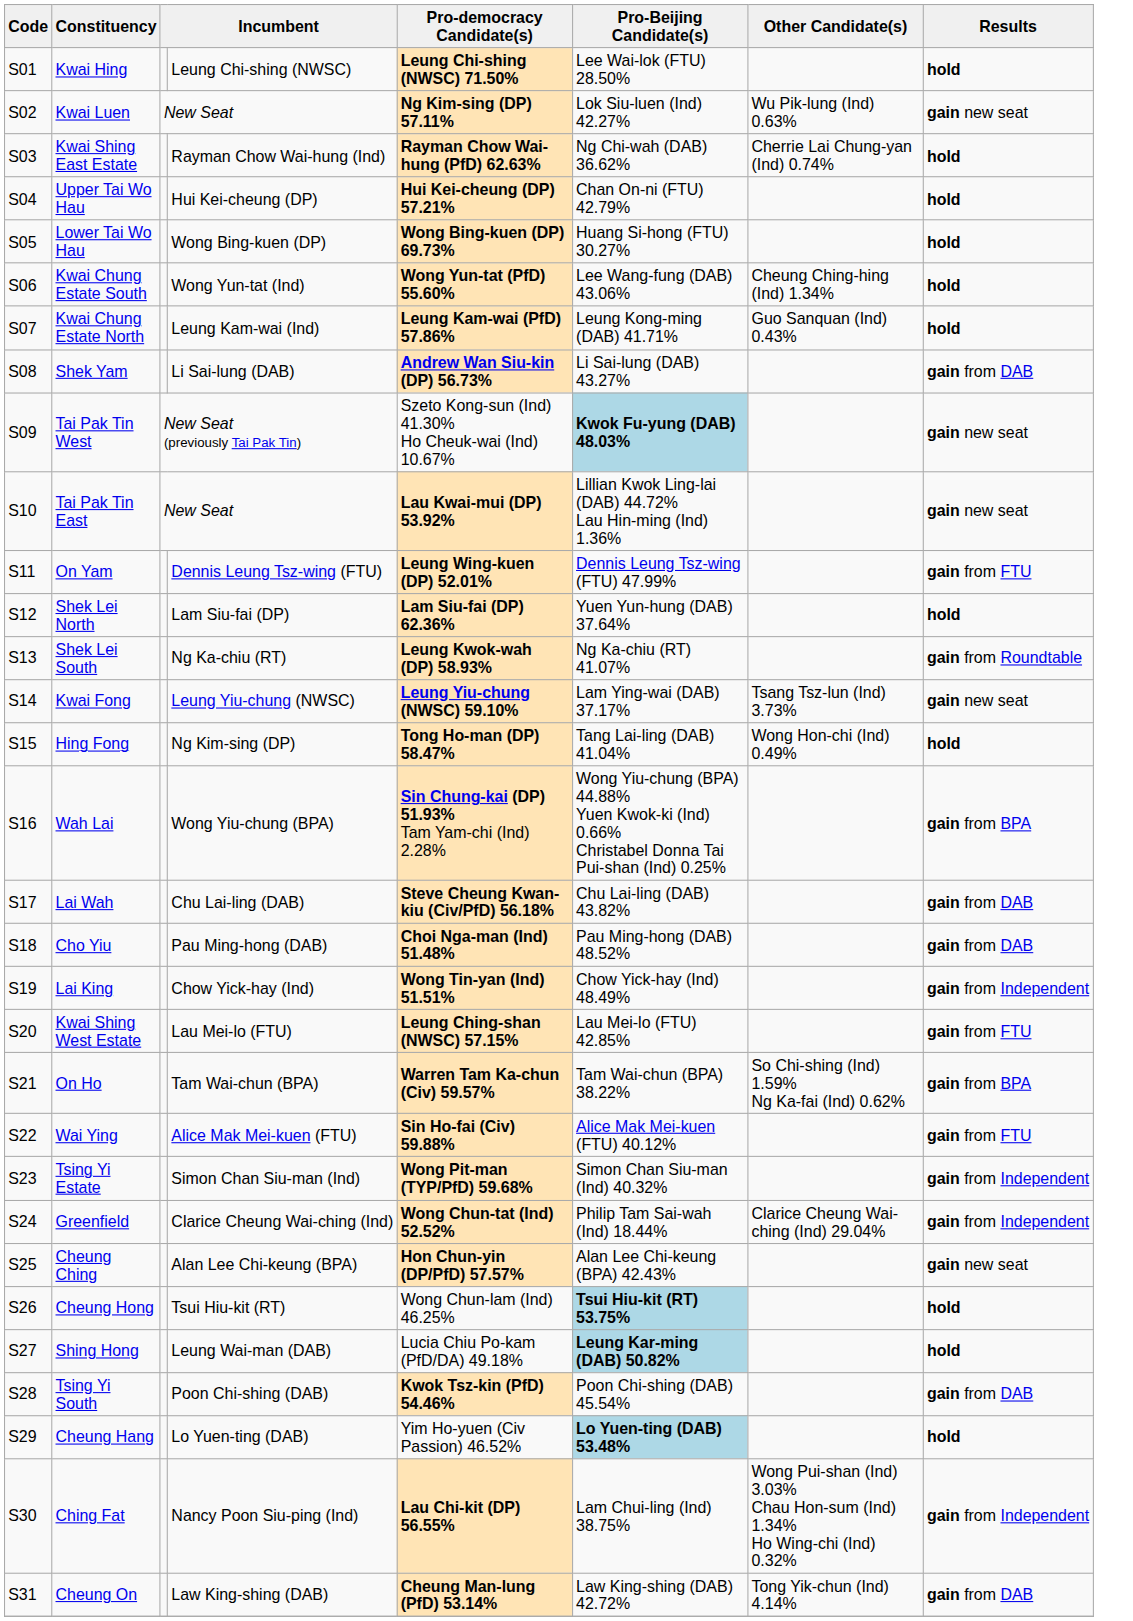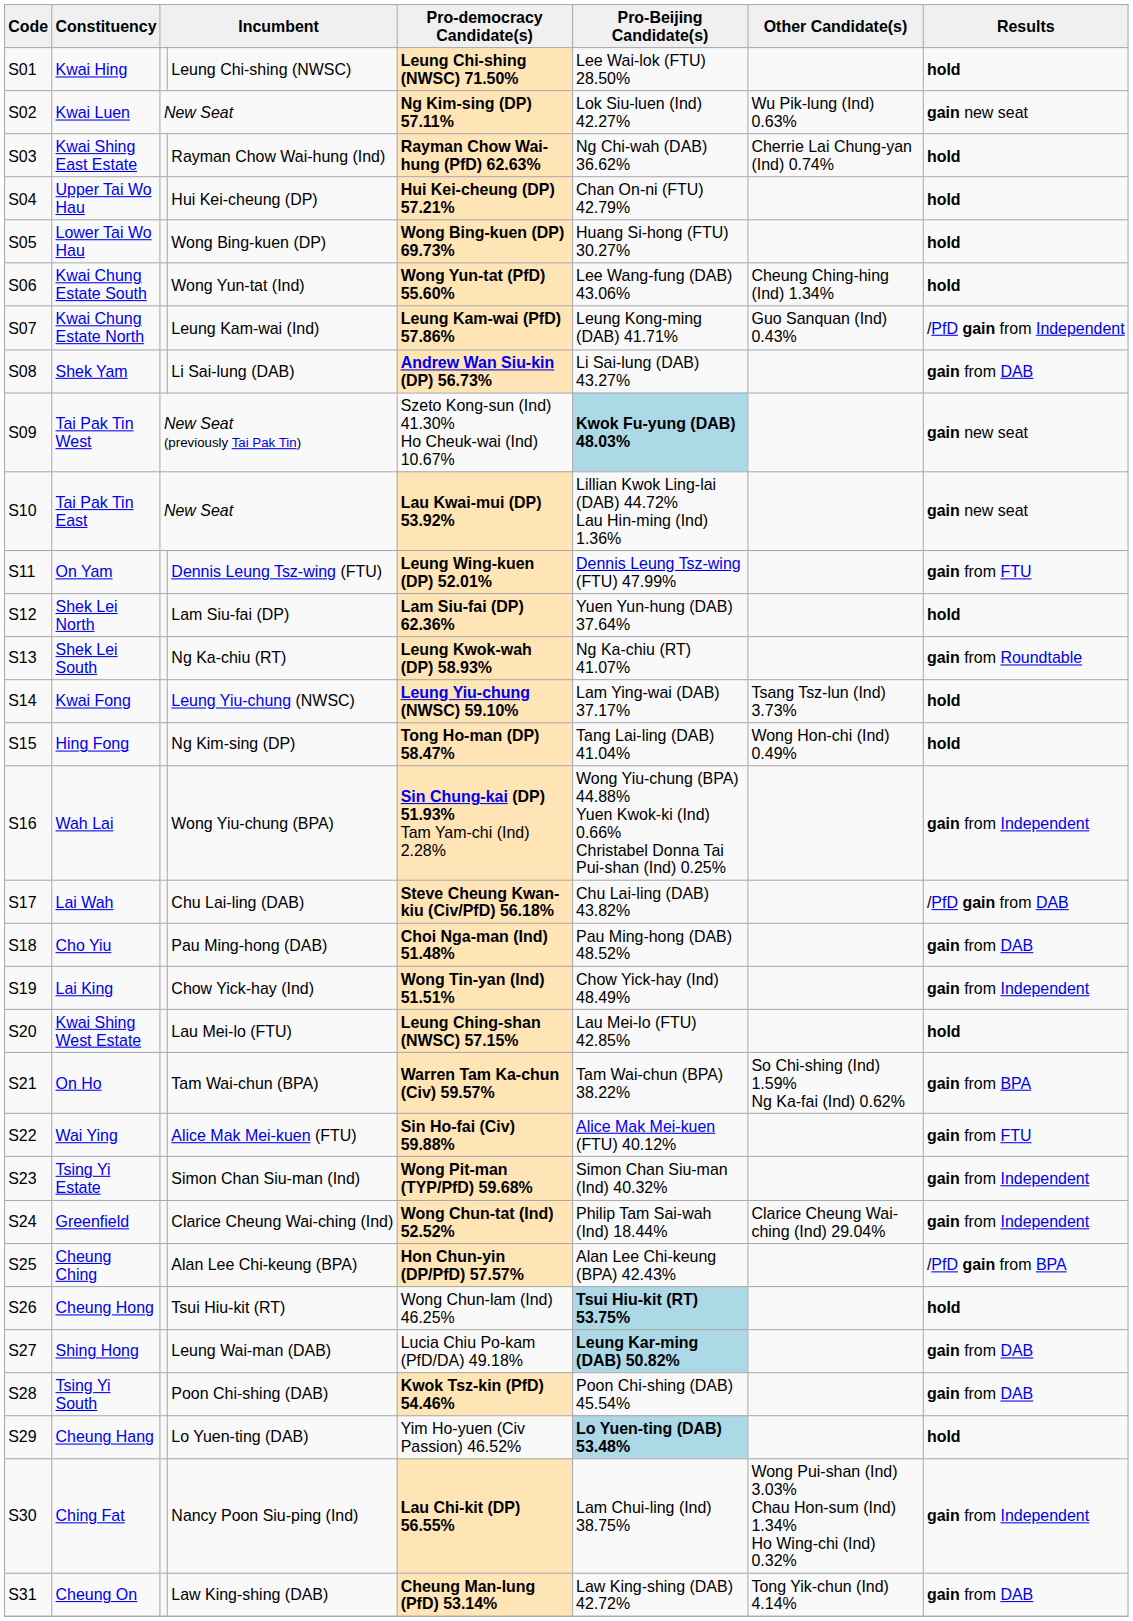 <table class="wikitable sortable" style="font-size: 95%;">
 <tr>
 <th align="center" style="background:#f0f0f0;" width="20px">Code</th>
 <th align="center" style="background:#f0f0f0;" width="90px">Constituency</th>
 <th align="center" style="background:#f0f0f0;" width="120px" colspan=2>Incumbent</th>
 <th align="center" style="background:#f0f0f0;" width="160px">Pro-democracy Candidate(s)</th>
 <th align="center" style="background:#f0f0f0;" width="160px">Pro-Beijing Candidate(s)</th>
 <th align="center" style="background:#f0f0f0;" width="160px">Other Candidate(s)</th>
 <th align="center" style="background:#f0f0f0;" width="100px" colspan="2">Results</th>
 </tr>
 <tr>
 <td>S01</td>
 <td><a href='#'>Kwai Hing</a></td>
 <td></td>
 <td>Leung Chi-shing (NWSC)</td>
 <td style="background-color:Moccasin"><strong>Leung Chi-shing (NWSC) 71.50%</strong></td>
 <td>Lee Wai-lok (FTU) 28.50%</td>
 <td></td>
 <td> <strong>hold</strong></td>
 </tr>
 <tr>
 <td>S02</td>
 <td><a href='#'>Kwai Luen</a></td>
 <td colspan=2><em>New Seat</em></td>
 <td style="background-color:Moccasin"><strong>Ng Kim-sing (DP) 57.11%</strong></td>
 <td>Lok Siu-luen (Ind) 42.27%</td>
 <td>Wu Pik-lung (Ind) 0.63%</td>
 <td> <strong>gain</strong> new seat</td>
 </tr>
 <tr>
 <td>S03</td>
 <td><a href='#'>Kwai Shing East Estate</a></td>
 <td></td>
 <td>Rayman Chow Wai-hung (Ind)</td>
 <td style="background-color:Moccasin"><strong>Rayman Chow Wai-hung (PfD) 62.63%</strong></td>
 <td>Ng Chi-wah (DAB) 36.62%</td>
 <td>Cherrie Lai Chung-yan (Ind) 0.74%</td>
 <td> <strong>hold</strong></td>
 </tr>
 <tr>
 <td>S04</td>
 <td><a href='#'>Upper Tai Wo Hau</a></td>
 <td></td>
 <td>Hui Kei-cheung (DP)</td>
 <td style="background-color:Moccasin"><strong>Hui Kei-cheung (DP) 57.21%</strong></td>
 <td>Chan On-ni (FTU) 42.79%</td>
 <td></td>
 <td> <strong>hold</strong></td>
 </tr>
 <tr>
 <td>S05</td>
 <td><a href='#'>Lower Tai Wo Hau</a></td>
 <td></td>
 <td>Wong Bing-kuen (DP)</td>
 <td style="background-color:Moccasin"><strong>Wong Bing-kuen (DP) 69.73%</strong></td>
 <td>Huang Si-hong (FTU) 30.27%</td>
 <td></td>
 <td> <strong>hold</strong></td>
 </tr>
 <tr>
 <td>S06</td>
 <td><a href='#'>Kwai Chung Estate South</a></td>
 <td></td>
 <td>Wong Yun-tat (Ind)</td>
 <td style="background-color:Moccasin"><strong>Wong Yun-tat (PfD) 55.60%</strong></td>
 <td>Lee Wang-fung (DAB) 43.06%</td>
 <td>Cheung Ching-hing (Ind) 1.34%</td>
 <td> <strong>hold</strong></td>
 </tr>
 <tr>
 <td>S07</td>
 <td><a href='#'>Kwai Chung Estate North</a></td>
 <td></td>
 <td>Leung Kam-wai (Ind)</td>
 <td style="background-color:Moccasin"><strong>Leung Kam-wai (PfD) 57.86%</strong></td>
 <td>Leung Kong-ming (DAB) 41.71%</td>
 <td>Guo Sanquan (Ind) 0.43%</td>
-<td> <strong>hold</strong></td>
+<td>/<a href='#'>PfD</a> <strong>gain</strong> from <a href='#'>Independent</a></td>
 </tr>
 <tr>
 <td>S08</td>
 <td><a href='#'>Shek Yam</a></td>
 <td></td>
 <td>Li Sai-lung (DAB)</td>
 <td style="background-color:Moccasin"><strong><a href='#'>Andrew Wan Siu-kin</a> (DP) 56.73%</strong></td>
 <td>Li Sai-lung (DAB) 43.27%</td>
 <td></td>
 <td> <strong>gain</strong> from <a href='#'>DAB</a></td>
 </tr>
 <tr>
 <td>S09</td>
 <td><a href='#'>Tai Pak Tin West</a></td>
 <td colspan=2><em>New Seat</em><br><small>(previously <a href='#'>Tai Pak Tin</a>)</small></td>
 <td>Szeto Kong-sun (Ind) 41.30%<br>Ho Cheuk-wai (Ind) 10.67%</td>
 <td style="background-color:LightBlue"><strong>Kwok Fu-yung (DAB) 48.03%</strong></td>
 <td></td>
 <td> <strong>gain</strong> new seat</td>
 </tr>
 <tr>
 <td>S10</td>
 <td><a href='#'>Tai Pak Tin East</a></td>
 <td colspan=2><em>New Seat</em></td>
 <td style="background-color:Moccasin"><strong>Lau Kwai-mui (DP) 53.92%</strong></td>
 <td>Lillian Kwok Ling-lai (DAB) 44.72%<br>Lau Hin-ming (Ind) 1.36%</td>
 <td></td>
 <td> <strong>gain</strong> new seat</td>
 </tr>
 <tr>
 <td>S11</td>
 <td><a href='#'>On Yam</a></td>
 <td></td>
 <td><a href='#'>Dennis Leung Tsz-wing</a> (FTU)</td>
 <td style="background-color:Moccasin"><strong>Leung Wing-kuen (DP) 52.01%</strong></td>
 <td><a href='#'>Dennis Leung Tsz-wing</a> (FTU) 47.99%</td>
 <td></td>
 <td> <strong>gain</strong> from <a href='#'>FTU</a></td>
 </tr>
 <tr>
 <td>S12</td>
 <td><a href='#'>Shek Lei North</a></td>
 <td></td>
 <td>Lam Siu-fai (DP)</td>
 <td style="background-color:Moccasin"><strong>Lam Siu-fai (DP) 62.36%</strong></td>
 <td>Yuen Yun-hung (DAB) 37.64%</td>
 <td></td>
 <td> <strong>hold</strong></td>
 </tr>
 <tr>
 <td>S13</td>
 <td><a href='#'>Shek Lei South</a></td>
 <td></td>
 <td>Ng Ka-chiu (RT)</td>
 <td style="background-color:Moccasin"><strong>Leung Kwok-wah (DP) 58.93%</strong></td>
 <td>Ng Ka-chiu (RT) 41.07%</td>
 <td></td>
 <td> <strong>gain</strong> from <a href='#'>Roundtable</a></td>
 </tr>
 <tr>
 <td>S14</td>
 <td><a href='#'>Kwai Fong</a></td>
 <td></td>
 <td><a href='#'>Leung Yiu-chung</a> (NWSC)</td>
 <td style="background-color:Moccasin"><strong><a href='#'>Leung Yiu-chung</a> (NWSC) 59.10%</strong></td>
 <td>Lam Ying-wai (DAB) 37.17%</td>
 <td>Tsang Tsz-lun (Ind) 3.73%</td>
-<td> <strong>gain</strong> new seat</td>
+<td> <strong>hold</strong></td>
 </tr>
 <tr>
 <td>S15</td>
 <td><a href='#'>Hing Fong</a></td>
 <td></td>
 <td>Ng Kim-sing (DP)</td>
 <td style="background-color:Moccasin"><strong>Tong Ho-man (DP) 58.47%</strong></td>
 <td>Tang Lai-ling (DAB) 41.04%</td>
 <td>Wong Hon-chi (Ind) 0.49%</td>
 <td> <strong>hold</strong></td>
 </tr>
 <tr>
 <td>S16</td>
 <td><a href='#'>Wah Lai</a></td>
 <td></td>
 <td>Wong Yiu-chung (BPA)</td>
 <td style="background-color:Moccasin"><strong><a href='#'>Sin Chung-kai</a> (DP) 51.93%</strong><br>Tam Yam-chi (Ind) 2.28%</td>
 <td>Wong Yiu-chung (BPA) 44.88%<br>Yuen Kwok-ki (Ind) 0.66%<br>Christabel Donna Tai Pui-shan (Ind) 0.25%</td>
 <td></td>
-<td> <strong>gain</strong> from <a href='#'>BPA</a></td>
+<td> <strong>gain</strong> from <a href='#'>Independent</a></td>
 </tr>
 <tr>
 <td>S17</td>
 <td><a href='#'>Lai Wah</a></td>
 <td></td>
 <td>Chu Lai-ling (DAB)</td>
 <td style="background-color:Moccasin"><strong>Steve Cheung Kwan-kiu (Civ/PfD) 56.18%</strong></td>
 <td>Chu Lai-ling (DAB) 43.82%</td>
 <td></td>
-<td> <strong>gain</strong> from <a href='#'>DAB</a></td>
+<td>/<a href='#'>PfD</a> <strong>gain</strong> from <a href='#'>DAB</a></td>
 </tr>
 <tr>
 <td>S18</td>
 <td><a href='#'>Cho Yiu</a></td>
 <td></td>
 <td>Pau Ming-hong (DAB)</td>
 <td style="background-color:Moccasin"><strong>Choi Nga-man (Ind) 51.48%</strong></td>
 <td>Pau Ming-hong (DAB) 48.52%</td>
 <td></td>
 <td> <strong>gain</strong> from <a href='#'>DAB</a></td>
 </tr>
 <tr>
 <td>S19</td>
 <td><a href='#'>Lai King</a></td>
 <td></td>
 <td>Chow Yick-hay (Ind)</td>
 <td style="background-color:Moccasin"><strong>Wong Tin-yan (Ind) 51.51%</strong></td>
 <td>Chow Yick-hay (Ind) 48.49%</td>
 <td></td>
 <td> <strong>gain</strong> from <a href='#'>Independent</a></td>
 </tr>
 <tr>
 <td>S20</td>
 <td><a href='#'>Kwai Shing West Estate</a></td>
 <td></td>
 <td>Lau Mei-lo (FTU)</td>
 <td style="background-color:Moccasin"><strong>Leung Ching-shan (NWSC) 57.15%</strong></td>
 <td>Lau Mei-lo (FTU) 42.85%</td>
 <td></td>
-<td> <strong>gain</strong> from <a href='#'>FTU</a></td>
+<td> <strong>hold</strong></td>
 </tr>
 <tr>
 <td>S21</td>
 <td><a href='#'>On Ho</a></td>
 <td></td>
 <td>Tam Wai-chun (BPA)</td>
 <td style="background-color:Moccasin"><strong>Warren Tam Ka-chun (Civ) 59.57%</strong></td>
 <td>Tam Wai-chun (BPA) 38.22%</td>
 <td>So Chi-shing (Ind) 1.59%<br>Ng Ka-fai (Ind) 0.62%</td>
 <td> <strong>gain</strong> from <a href='#'>BPA</a></td>
 </tr>
 <tr>
 <td>S22</td>
 <td><a href='#'>Wai Ying</a></td>
 <td></td>
 <td><a href='#'>Alice Mak Mei-kuen</a> (FTU)</td>
 <td style="background-color:Moccasin"><strong>Sin Ho-fai (Civ) 59.88%</strong></td>
 <td><a href='#'>Alice Mak Mei-kuen</a> (FTU) 40.12%</td>
 <td></td>
 <td> <strong>gain</strong> from <a href='#'>FTU</a></td>
 </tr>
 <tr>
 <td>S23</td>
 <td><a href='#'>Tsing Yi Estate</a></td>
 <td></td>
 <td>Simon Chan Siu-man (Ind)</td>
 <td style="background-color:Moccasin"><strong>Wong Pit-man (TYP/PfD) 59.68%</strong></td>
 <td>Simon Chan Siu-man (Ind) 40.32%</td>
 <td></td>
 <td> <strong>gain</strong> from <a href='#'>Independent</a></td>
 </tr>
 <tr>
 <td>S24</td>
 <td><a href='#'>Greenfield</a></td>
 <td></td>
 <td>Clarice Cheung Wai-ching (Ind)</td>
 <td style="background-color:Moccasin"><strong>Wong Chun-tat (Ind) 52.52%</strong></td>
 <td>Philip Tam Sai-wah (Ind) 18.44%</td>
 <td>Clarice Cheung Wai-ching (Ind) 29.04%</td>
 <td> <strong>gain</strong> from <a href='#'>Independent</a></td>
 </tr>
 <tr>
 <td>S25</td>
 <td><a href='#'>Cheung Ching</a></td>
 <td></td>
 <td>Alan Lee Chi-keung (BPA)</td>
 <td style="background-color:Moccasin"><strong>Hon Chun-yin (DP/PfD) 57.57%</strong></td>
 <td>Alan Lee Chi-keung (BPA) 42.43%</td>
 <td></td>
-<td> <strong>gain</strong> new seat</td>
+<td>/<a href='#'>PfD</a> <strong>gain</strong> from <a href='#'>BPA</a></td>
 </tr>
 <tr>
 <td>S26</td>
 <td><a href='#'>Cheung Hong</a></td>
 <td></td>
 <td>Tsui Hiu-kit (RT)</td>
 <td>Wong Chun-lam (Ind) 46.25%</td>
 <td style="background-color:LightBlue"><strong>Tsui Hiu-kit (RT) 53.75%</strong></td>
 <td></td>
 <td> <strong>hold</strong></td>
 </tr>
 <tr>
 <td>S27</td>
 <td><a href='#'>Shing Hong</a></td>
 <td></td>
 <td>Leung Wai-man (DAB)</td>
 <td>Lucia Chiu Po-kam (PfD/DA) 49.18%</td>
 <td style="background-color:LightBlue"><strong>Leung Kar-ming (DAB) 50.82%</strong></td>
 <td></td>
-<td> <strong>hold</strong></td>
+<td> <strong>gain</strong> from <a href='#'>DAB</a></td>
 </tr>
 <tr>
 <td>S28</td>
 <td><a href='#'>Tsing Yi South</a></td>
 <td></td>
 <td>Poon Chi-shing (DAB)</td>
 <td style="background-color:Moccasin"><strong>Kwok Tsz-kin (PfD) 54.46%</strong></td>
 <td>Poon Chi-shing (DAB) 45.54%</td>
 <td></td>
 <td> <strong>gain</strong> from <a href='#'>DAB</a></td>
 </tr>
 <tr>
 <td>S29</td>
 <td><a href='#'>Cheung Hang</a></td>
 <td></td>
 <td>Lo Yuen-ting (DAB)</td>
 <td>Yim Ho-yuen (Civ Passion) 46.52%</td>
 <td style="background-color:LightBlue"><strong>Lo Yuen-ting (DAB) 53.48%</strong></td>
 <td></td>
 <td> <strong>hold</strong></td>
 </tr>
 <tr>
 <td>S30</td>
 <td><a href='#'>Ching Fat</a></td>
 <td></td>
 <td>Nancy Poon Siu-ping (Ind)</td>
 <td style="background-color:Moccasin"><strong>Lau Chi-kit (DP) 56.55%</strong></td>
 <td>Lam Chui-ling (Ind) 38.75%</td>
 <td>Wong Pui-shan (Ind) 3.03%<br>Chau Hon-sum (Ind) 1.34%<br>Ho Wing-chi (Ind) 0.32%</td>
 <td> <strong>gain</strong> from <a href='#'>Independent</a></td>
 </tr>
 <tr>
 <td>S31</td>
 <td><a href='#'>Cheung On</a></td>
 <td></td>
 <td>Law King-shing (DAB)</td>
 <td style="background-color:Moccasin"><strong>Cheung Man-lung (PfD) 53.14%</strong></td>
 <td>Law King-shing (DAB) 42.72%</td>
 <td>Tong Yik-chun (Ind) 4.14%</td>
 <td> <strong>gain</strong> from <a href='#'>DAB</a></td>
 </tr>
 <tr>
 </tr>
 </table>
